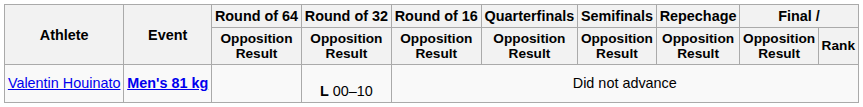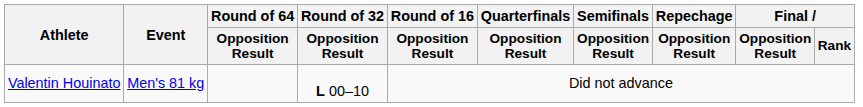 <table class=wikitable style=font-size:90%;>
 <tr>
 <th rowspan=2>Athlete</th>
 <th rowspan=2>Event</th>
 <th>Round of 64</th>
 <th>Round of 32</th>
 <th>Round of 16</th>
 <th>Quarterfinals</th>
 <th>Semifinals</th>
 <th>Repechage</th>
 <th colspan=2>Final / </th>
 </tr>
 <tr style=font-size:95%>
 <th>Opposition<br>Result</th>
 <th>Opposition<br>Result</th>
 <th>Opposition<br>Result</th>
 <th>Opposition<br>Result</th>
 <th>Opposition<br>Result</th>
 <th>Opposition<br>Result</th>
 <th>Opposition<br>Result</th>
 <th>Rank</th>
 </tr>
 <tr align=center>
 <td align=left><a href='#'>Valentin Houinato</a></td>
-<td align=left><strong><a href='#'>Men's 81 kg</a></strong></td>
+<td align=left><a href='#'>Men's 81 kg</a></td>
 <td></td>
 <td><br> <strong>L</strong> 00–10</td>
 <td colspan=6>Did not advance</td>
 </tr>
 </table>
